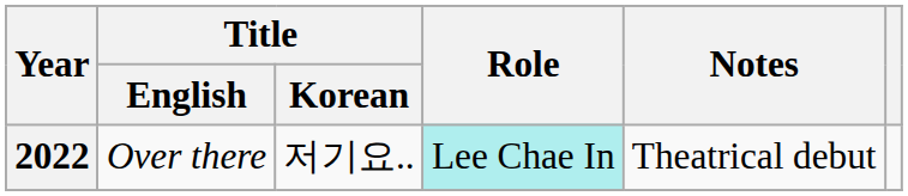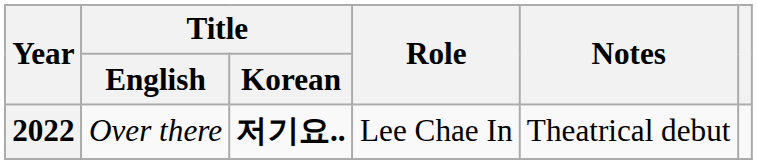 <table class="wikitable plainrowheaders">
 <tr>
 <th scope="col" rowspan="2">Year</th>
 <th scope="col" colspan="2">Title</th>
 <th scope="col" rowspan="2">Role</th>
 <th scope="col" rowspan="2">Notes</th>
 <th scope="col" rowspan="2" class="unsortable"></th>
 </tr>
 <tr>
 <th scope="col">English</th>
 <th scope="col">Korean</th>
 </tr>
 <tr>
 <th scope="row">2022</th>
 <td><em>Over there</em></td>
-<td>저기요..</td>
-<td style="background: paleturquoise;">Lee Chae In</td>
+<td><strong>저기요..</strong></td>
+<td>Lee Chae In</td>
 <td>Theatrical debut</td>
 <td></td>
 </tr>
 </table>
